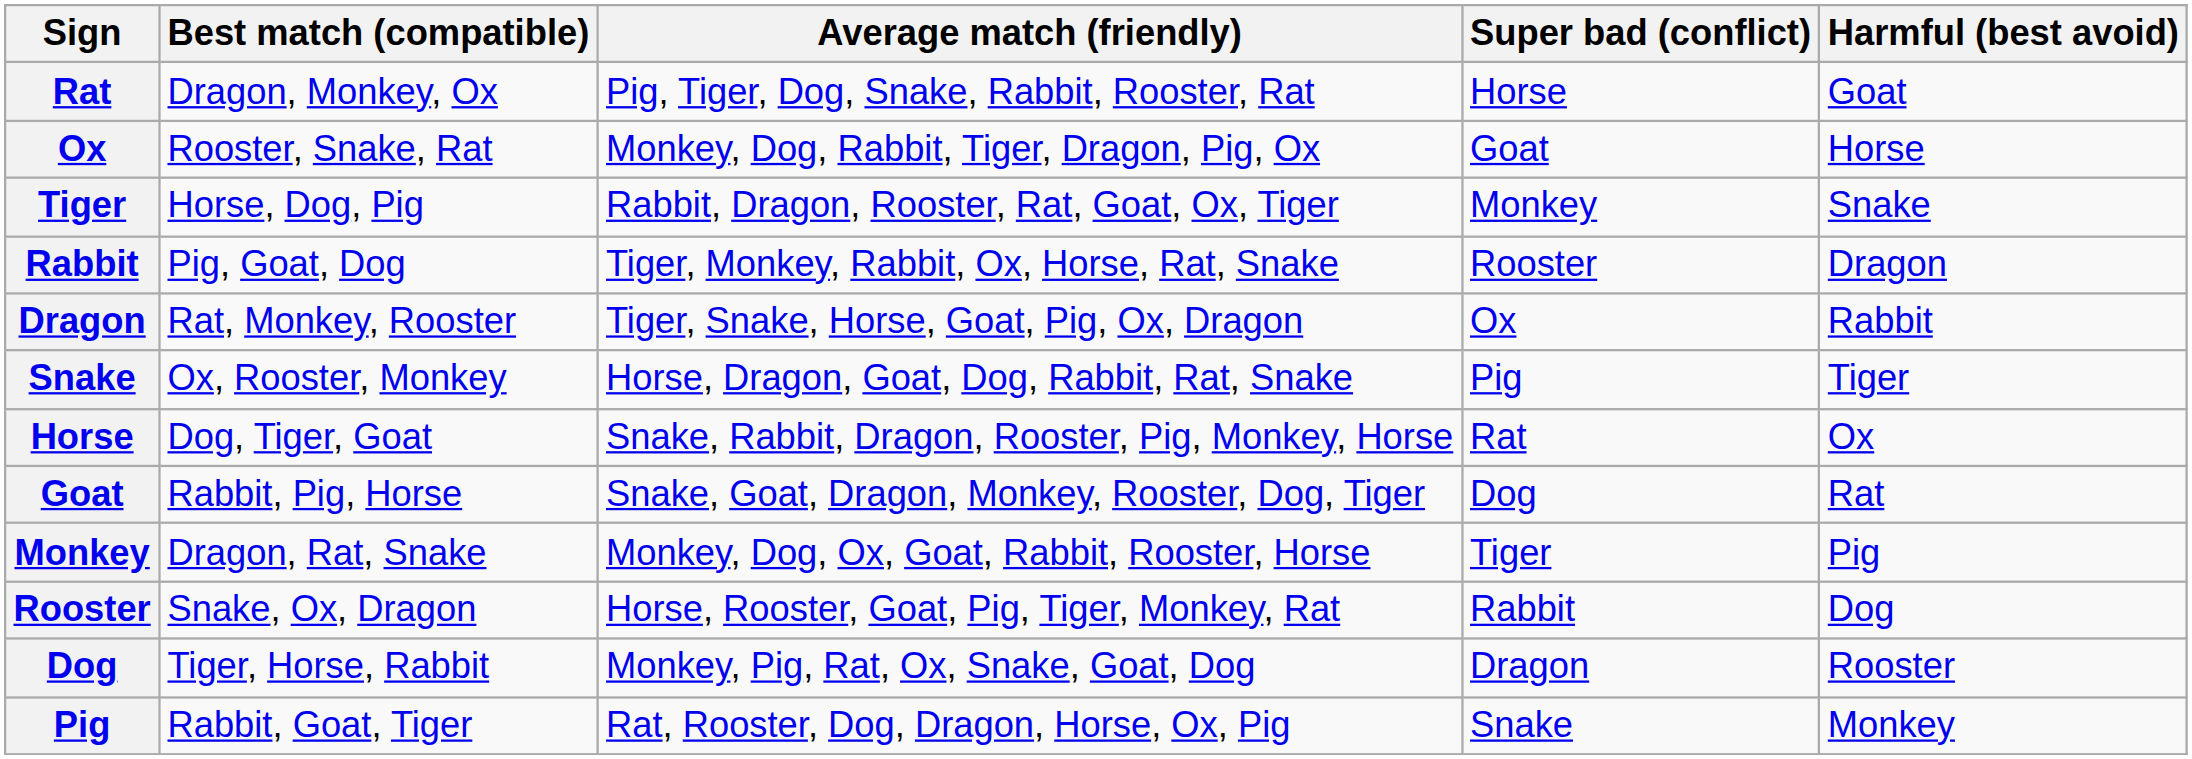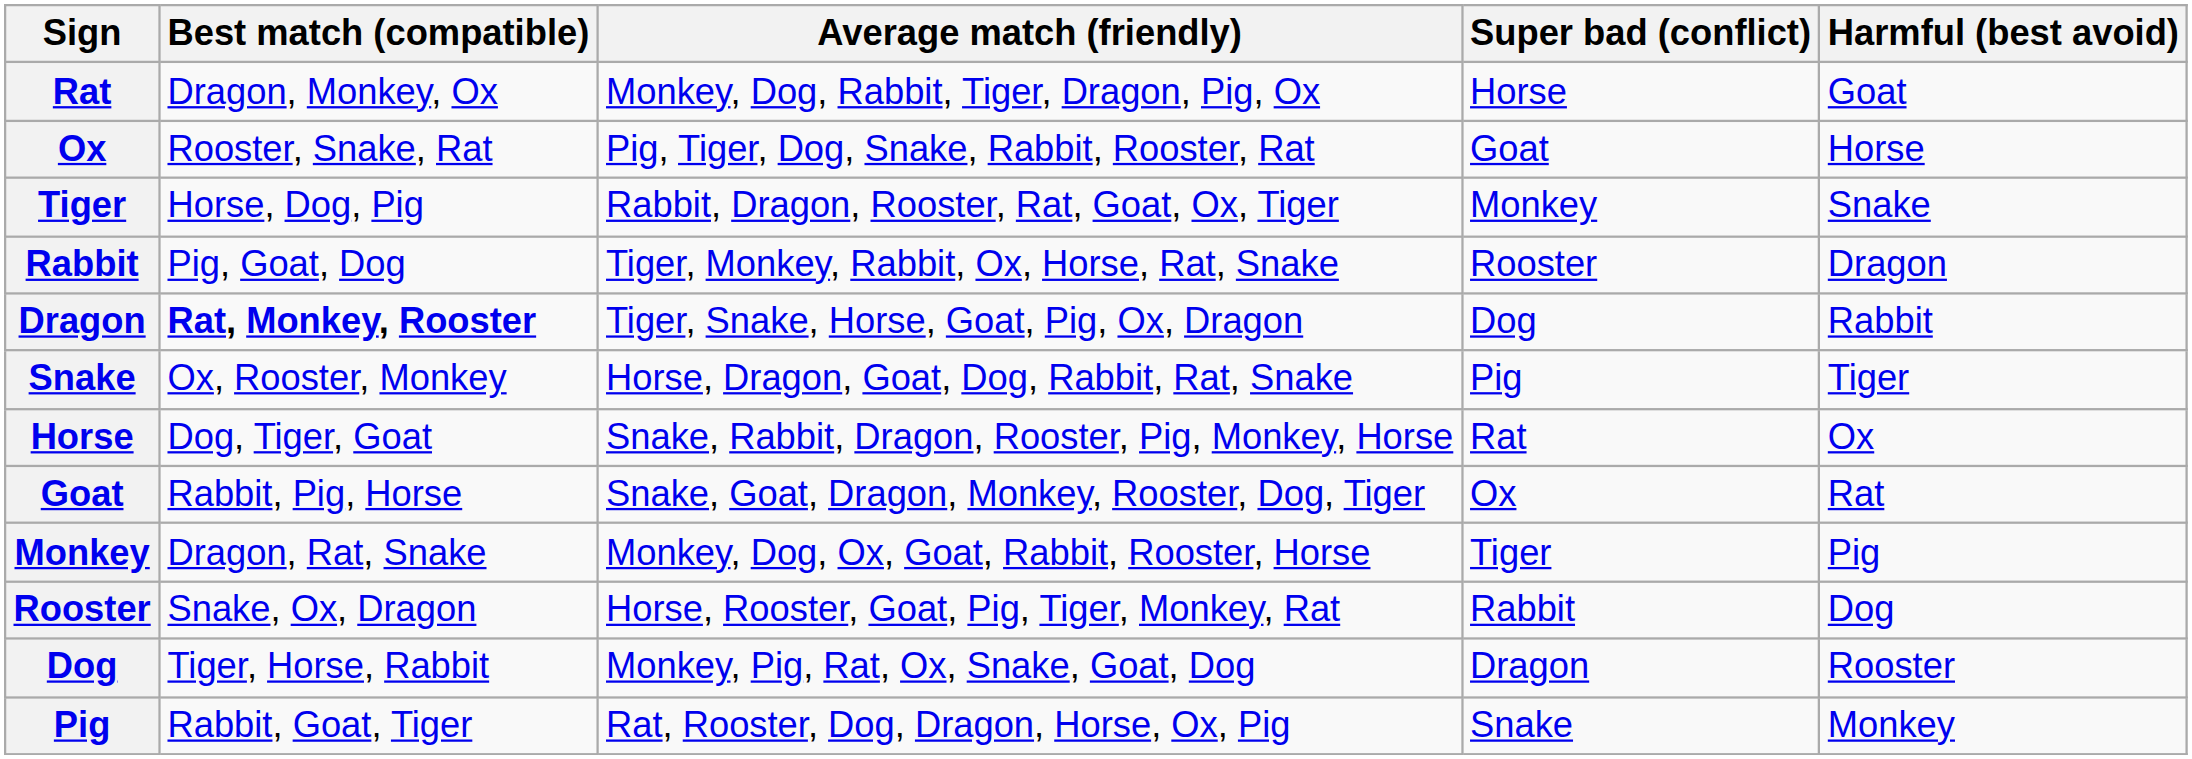 <table class="wikitable sortable">
 <tr>
 <th>Sign</th>
 <th>Best match (compatible)</th>
 <th>Average match (friendly)</th>
 <th>Super bad (conflict)</th>
 <th>Harmful (best avoid)</th>
 </tr>
 <tr>
 <th><a href='#'>Rat</a></th>
 <td><a href='#'>Dragon</a>, <a href='#'>Monkey</a>, <a href='#'>Ox</a></td>
-<td><a href='#'>Pig</a>, <a href='#'>Tiger</a>, <a href='#'>Dog</a>, <a href='#'>Snake</a>, <a href='#'>Rabbit</a>, <a href='#'>Rooster</a>, <a href='#'>Rat</a></td>
+<td><a href='#'>Monkey</a>, <a href='#'>Dog</a>, <a href='#'>Rabbit</a>, <a href='#'>Tiger</a>, <a href='#'>Dragon</a>, <a href='#'>Pig</a>, <a href='#'>Ox</a></td>
 <td><a href='#'>Horse</a></td>
 <td><a href='#'>Goat</a></td>
 </tr>
 <tr>
 <th><a href='#'>Ox</a></th>
 <td><a href='#'>Rooster</a>, <a href='#'>Snake</a>, <a href='#'>Rat</a></td>
-<td><a href='#'>Monkey</a>, <a href='#'>Dog</a>, <a href='#'>Rabbit</a>, <a href='#'>Tiger</a>, <a href='#'>Dragon</a>, <a href='#'>Pig</a>, <a href='#'>Ox</a></td>
+<td><a href='#'>Pig</a>, <a href='#'>Tiger</a>, <a href='#'>Dog</a>, <a href='#'>Snake</a>, <a href='#'>Rabbit</a>, <a href='#'>Rooster</a>, <a href='#'>Rat</a></td>
 <td><a href='#'>Goat</a></td>
 <td><a href='#'>Horse</a></td>
 </tr>
 <tr>
 <th><a href='#'>Tiger</a></th>
 <td><a href='#'>Horse</a>, <a href='#'>Dog</a>, <a href='#'>Pig</a></td>
 <td><a href='#'>Rabbit</a>, <a href='#'>Dragon</a>, <a href='#'>Rooster</a>, <a href='#'>Rat</a>, <a href='#'>Goat</a>, <a href='#'>Ox</a>, <a href='#'>Tiger</a></td>
 <td><a href='#'>Monkey</a></td>
 <td><a href='#'>Snake</a></td>
 </tr>
 <tr>
 <th><a href='#'>Rabbit</a></th>
 <td><a href='#'>Pig</a>, <a href='#'>Goat</a>, <a href='#'>Dog</a></td>
 <td><a href='#'>Tiger</a>, <a href='#'>Monkey</a>, <a href='#'>Rabbit</a>, <a href='#'>Ox</a>, <a href='#'>Horse</a>, <a href='#'>Rat</a>, <a href='#'>Snake</a></td>
 <td><a href='#'>Rooster</a></td>
 <td><a href='#'>Dragon</a></td>
 </tr>
 <tr>
 <th><a href='#'>Dragon</a></th>
-<td><a href='#'>Rat</a>, <a href='#'>Monkey</a>, <a href='#'>Rooster</a></td>
+<td><strong><a href='#'>Rat</a>, <a href='#'>Monkey</a>, <a href='#'>Rooster</a></strong></td>
 <td><a href='#'>Tiger</a>, <a href='#'>Snake</a>, <a href='#'>Horse</a>, <a href='#'>Goat</a>, <a href='#'>Pig</a>, <a href='#'>Ox</a>, <a href='#'>Dragon</a></td>
-<td><a href='#'>Ox</a></td>
+<td><a href='#'>Dog</a></td>
 <td><a href='#'>Rabbit</a></td>
 </tr>
 <tr>
 <th><a href='#'>Snake</a></th>
 <td><a href='#'>Ox</a>, <a href='#'>Rooster</a>, <a href='#'>Monkey</a></td>
 <td><a href='#'>Horse</a>, <a href='#'>Dragon</a>, <a href='#'>Goat</a>, <a href='#'>Dog</a>, <a href='#'>Rabbit</a>, <a href='#'>Rat</a>, <a href='#'>Snake</a></td>
 <td><a href='#'>Pig</a></td>
 <td><a href='#'>Tiger</a></td>
 </tr>
 <tr>
 <th><a href='#'>Horse</a></th>
 <td><a href='#'>Dog</a>, <a href='#'>Tiger</a>, <a href='#'>Goat</a></td>
 <td><a href='#'>Snake</a>, <a href='#'>Rabbit</a>, <a href='#'>Dragon</a>, <a href='#'>Rooster</a>, <a href='#'>Pig</a>, <a href='#'>Monkey</a>, <a href='#'>Horse</a></td>
 <td><a href='#'>Rat</a></td>
 <td><a href='#'>Ox</a></td>
 </tr>
 <tr>
 <th><a href='#'>Goat</a></th>
 <td><a href='#'>Rabbit</a>, <a href='#'>Pig</a>, <a href='#'>Horse</a></td>
 <td><a href='#'>Snake</a>, <a href='#'>Goat</a>, <a href='#'>Dragon</a>, <a href='#'>Monkey</a>, <a href='#'>Rooster</a>, <a href='#'>Dog</a>, <a href='#'>Tiger</a></td>
-<td><a href='#'>Dog</a></td>
+<td><a href='#'>Ox</a></td>
 <td><a href='#'>Rat</a></td>
 </tr>
 <tr>
 <th><a href='#'>Monkey</a></th>
 <td><a href='#'>Dragon</a>, <a href='#'>Rat</a>, <a href='#'>Snake</a></td>
 <td><a href='#'>Monkey</a>, <a href='#'>Dog</a>, <a href='#'>Ox</a>, <a href='#'>Goat</a>, <a href='#'>Rabbit</a>, <a href='#'>Rooster</a>, <a href='#'>Horse</a></td>
 <td><a href='#'>Tiger</a></td>
 <td><a href='#'>Pig</a></td>
 </tr>
 <tr>
 <th><a href='#'>Rooster</a></th>
 <td><a href='#'>Snake</a>, <a href='#'>Ox</a>, <a href='#'>Dragon</a></td>
 <td><a href='#'>Horse</a>, <a href='#'>Rooster</a>, <a href='#'>Goat</a>, <a href='#'>Pig</a>, <a href='#'>Tiger</a>, <a href='#'>Monkey</a>, <a href='#'>Rat</a></td>
 <td><a href='#'>Rabbit</a></td>
 <td><a href='#'>Dog</a></td>
 </tr>
 <tr>
 <th><a href='#'>Dog</a></th>
 <td><a href='#'>Tiger</a>, <a href='#'>Horse</a>, <a href='#'>Rabbit</a></td>
 <td><a href='#'>Monkey</a>, <a href='#'>Pig</a>, <a href='#'>Rat</a>, <a href='#'>Ox</a>, <a href='#'>Snake</a>, <a href='#'>Goat</a>, <a href='#'>Dog</a></td>
 <td><a href='#'>Dragon</a></td>
 <td><a href='#'>Rooster</a></td>
 </tr>
 <tr>
 <th><a href='#'>Pig</a></th>
 <td><a href='#'>Rabbit</a>, <a href='#'>Goat</a>, <a href='#'>Tiger</a></td>
 <td><a href='#'>Rat</a>, <a href='#'>Rooster</a>, <a href='#'>Dog</a>, <a href='#'>Dragon</a>, <a href='#'>Horse</a>, <a href='#'>Ox</a>, <a href='#'>Pig</a></td>
 <td><a href='#'>Snake</a></td>
 <td><a href='#'>Monkey</a></td>
 </tr>
 </table>
